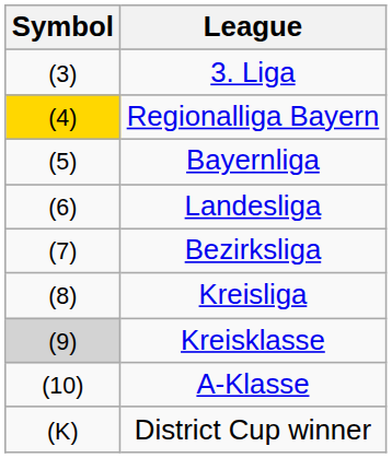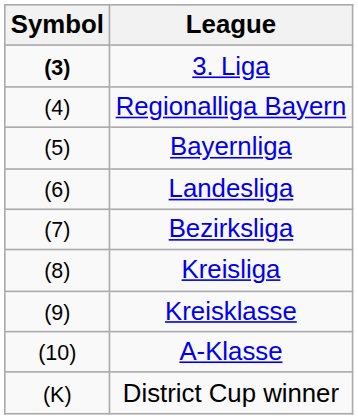 <table class="wikitable" style="text-align: center">
 <tr>
 <th>Symbol</th>
 <th>League</th>
 </tr>
 <tr>
-<td><small>(3)</small></td>
+<td><strong><small>(3)</small></strong></td>
 <td><a href='#'>3. Liga</a></td>
 </tr>
 <tr>
-<td style="background: gold;"><small>(4)</small></td>
+<td><small>(4)</small></td>
 <td><a href='#'>Regionalliga Bayern</a></td>
 </tr>
 <tr>
 <td><small>(5)</small></td>
 <td><a href='#'>Bayernliga</a></td>
 </tr>
 <tr>
 <td><small>(6)</small></td>
 <td><a href='#'>Landesliga</a></td>
 </tr>
 <tr>
 <td><small>(7)</small></td>
 <td><a href='#'>Bezirksliga</a></td>
 </tr>
 <tr>
 <td><small>(8)</small></td>
 <td><a href='#'>Kreisliga</a></td>
 </tr>
 <tr>
-<td style="background: lightgrey;"><small>(9)</small></td>
+<td><small>(9)</small></td>
 <td><a href='#'>Kreisklasse</a></td>
 </tr>
 <tr>
 <td><small>(10)</small></td>
 <td><a href='#'>A-Klasse</a></td>
 </tr>
 <tr>
 <td><small>(K)</small></td>
 <td>District Cup winner</td>
 </tr>
 </table>
